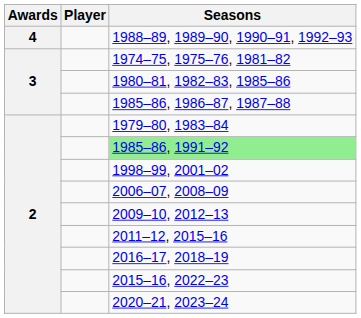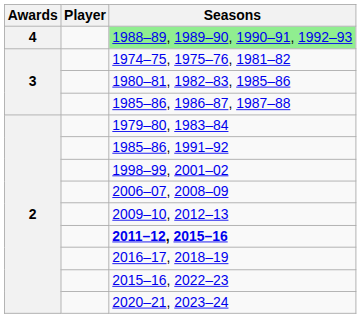 <table class="wikitable">
 <tr>
 <th>Awards</th>
 <th>Player</th>
 <th>Seasons</th>
 </tr>
 <tr>
 <th>4</th>
 <td></td>
-<td><a href='#'>1988–89</a>, <a href='#'>1989–90</a>, <a href='#'>1990–91</a>, <a href='#'>1992–93</a></td>
+<td style="background: lightgreen;"><a href='#'>1988–89</a>, <a href='#'>1989–90</a>, <a href='#'>1990–91</a>, <a href='#'>1992–93</a></td>
 </tr>
 <tr>
 <th rowspan="3">3</th>
 <td></td>
 <td><a href='#'>1974–75</a>, <a href='#'>1975–76</a>, <a href='#'>1981–82</a></td>
 </tr>
 <tr>
 <td></td>
 <td><a href='#'>1980–81</a>, <a href='#'>1982–83</a>, <a href='#'>1985–86</a></td>
 </tr>
 <tr>
 <td></td>
 <td><a href='#'>1985–86</a>, <a href='#'>1986–87</a>, <a href='#'>1987–88</a></td>
 </tr>
 <tr>
 <th rowspan="9">2</th>
 <td></td>
 <td><a href='#'>1979–80</a>, <a href='#'>1983–84</a></td>
 </tr>
 <tr>
 <td></td>
-<td style="background: lightgreen;"><a href='#'>1985–86</a>, <a href='#'>1991–92</a></td>
+<td><a href='#'>1985–86</a>, <a href='#'>1991–92</a></td>
 </tr>
 <tr>
 <td></td>
 <td><a href='#'>1998–99</a>, <a href='#'>2001–02</a></td>
 </tr>
 <tr>
 <td></td>
 <td><a href='#'>2006–07</a>, <a href='#'>2008–09</a></td>
 </tr>
 <tr>
 <td></td>
 <td><a href='#'>2009–10</a>, <a href='#'>2012–13</a></td>
 </tr>
 <tr>
 <td></td>
-<td><a href='#'>2011–12</a>, <a href='#'>2015–16</a></td>
+<td><strong><a href='#'>2011–12</a>, <a href='#'>2015–16</a></strong></td>
 </tr>
 <tr>
 <td></td>
 <td><a href='#'>2016–17</a>, <a href='#'>2018–19</a></td>
 </tr>
 <tr>
 <td></td>
 <td><a href='#'>2015–16</a>, <a href='#'>2022–23</a></td>
 </tr>
 <tr>
 <td></td>
 <td><a href='#'>2020–21</a>, <a href='#'>2023–24</a></td>
 </tr>
 </table>
